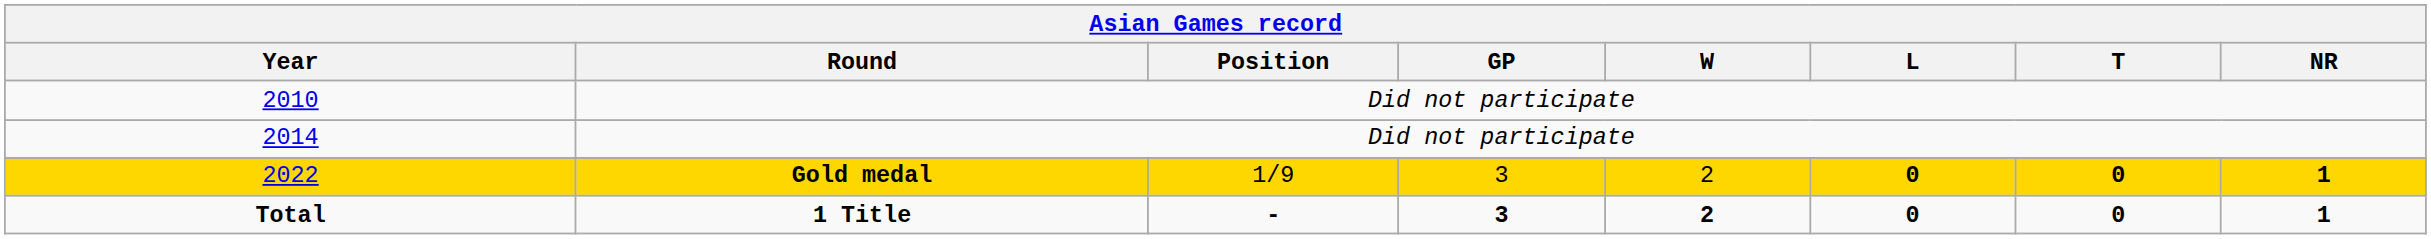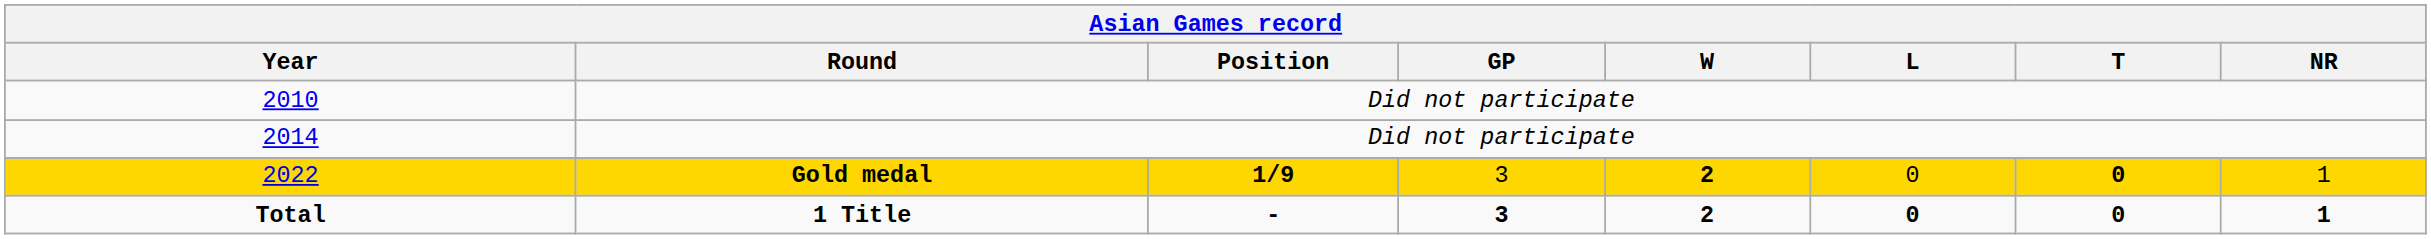 <table class="wikitable" style="text-align: center; width:85%">
 <tr>
 <th colspan=10><a href='#'>Asian Games record</a></th>
 </tr>
 <tr>
 <th width=150>Year</th>
 <th width=150>Round</th>
 <th width=50>Position</th>
 <th width=50>GP</th>
 <th width=50>W</th>
 <th width=50>L</th>
 <th width=50>T</th>
 <th width=50>NR</th>
 </tr>
 <tr>
 <td> <a href='#'>2010</a></td>
 <td colspan=7><em>Did not participate</em></td>
 </tr>
 <tr>
 <td> <a href='#'>2014</a></td>
 <td colspan=7><em>Did not participate</em></td>
 </tr>
 <tr>
 </tr>
 <tr style="background:gold;">
 <td> <a href='#'>2022</a></td>
 <td><strong>Gold medal</strong></td>
-<td>1/9</td>
+<td><strong>1/9</strong></td>
 <td>3</td>
-<td>2</td>
+<td><strong>2</strong></td>
+<td>0</td>
 <td><strong>0</strong></td>
-<td><strong>0</strong></td>
-<td><strong>1</strong></td>
+<td>1</td>
 </tr>
 <tr>
 <td><strong>Total</strong></td>
 <td><strong>1 Title</strong></td>
 <td><strong>-</strong></td>
 <td><strong>3</strong></td>
 <td><strong>2</strong></td>
 <td><strong>0</strong></td>
 <td><strong>0</strong></td>
 <td><strong>1</strong></td>
 </tr>
 </table>
